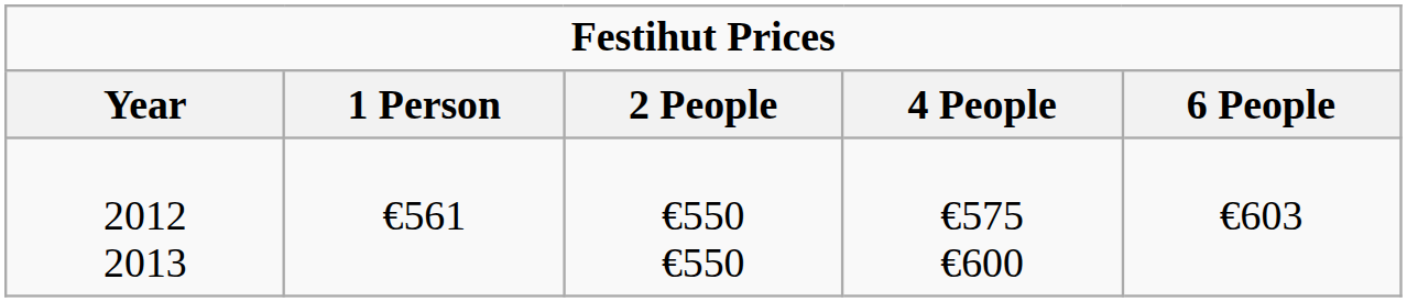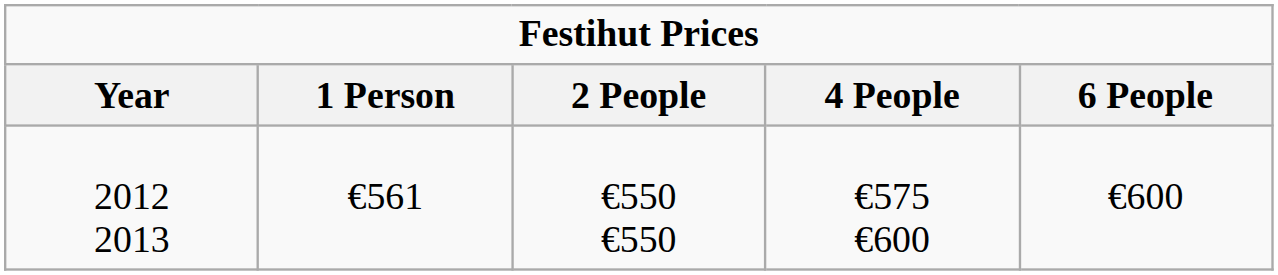 <table class="wikitable">
 <tr>
 <td colspan="5" style="text-align:center;"><strong>Festihut Prices</strong></td>
 </tr>
 <tr>
 <th>Year</th>
 <th>1 Person</th>
 <th>2 People</th>
 <th>4 People</th>
 <th>6 People</th>
 </tr>
 <tr>
 <td style="text-align:center; vertical-align:top; width:100px;"><br>2012 <br>2013</td>
 <td style="text-align:center; vertical-align:top; width:100px;"><br>€561 <br></td>
 <td style="text-align:center; vertical-align:top; width:100px;"><br>€550 <br>€550</td>
 <td style="text-align:center; vertical-align:top; width:100px;"><br>€575 <br>€600</td>
-<td style="text-align:center; vertical-align:top; width:100px;"><br>€603</td>
+<td style="text-align:center; vertical-align:top; width:100px;"><br>€600</td>
 </tr>
 </table>
